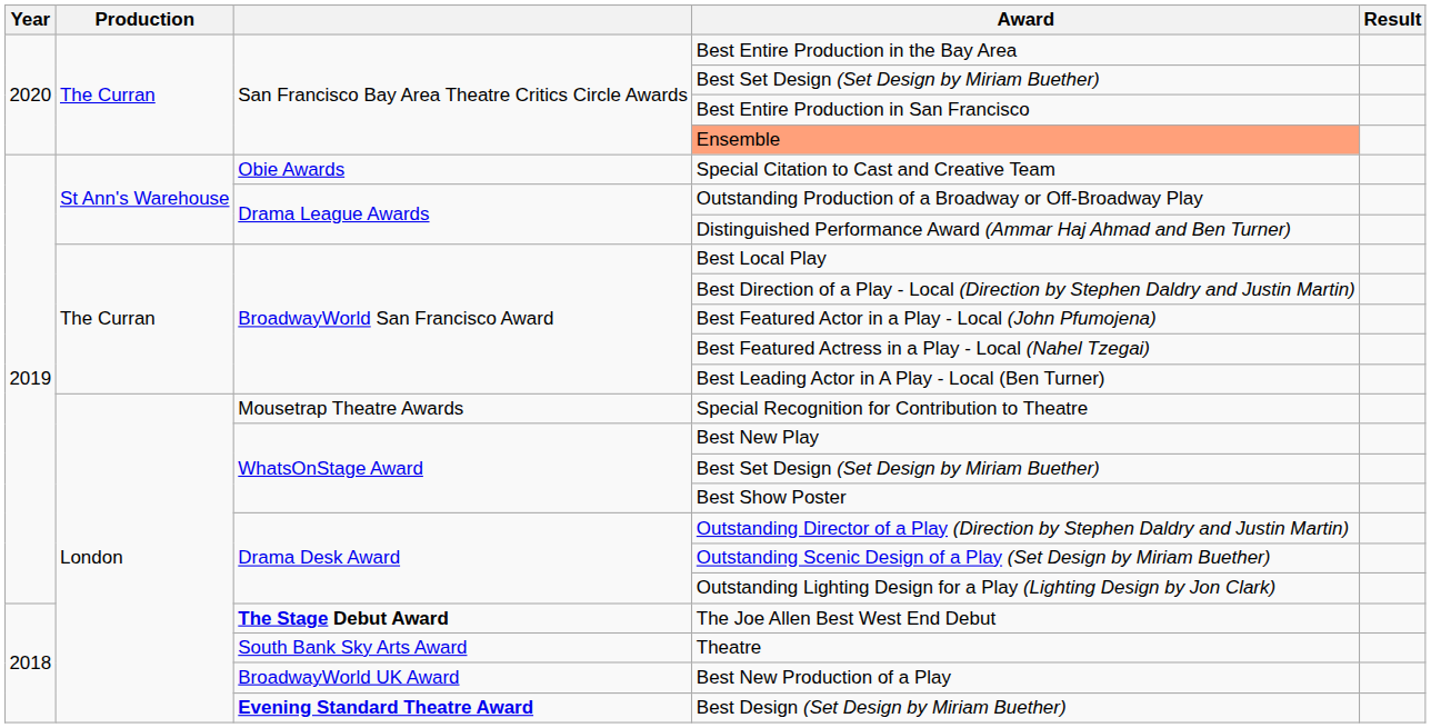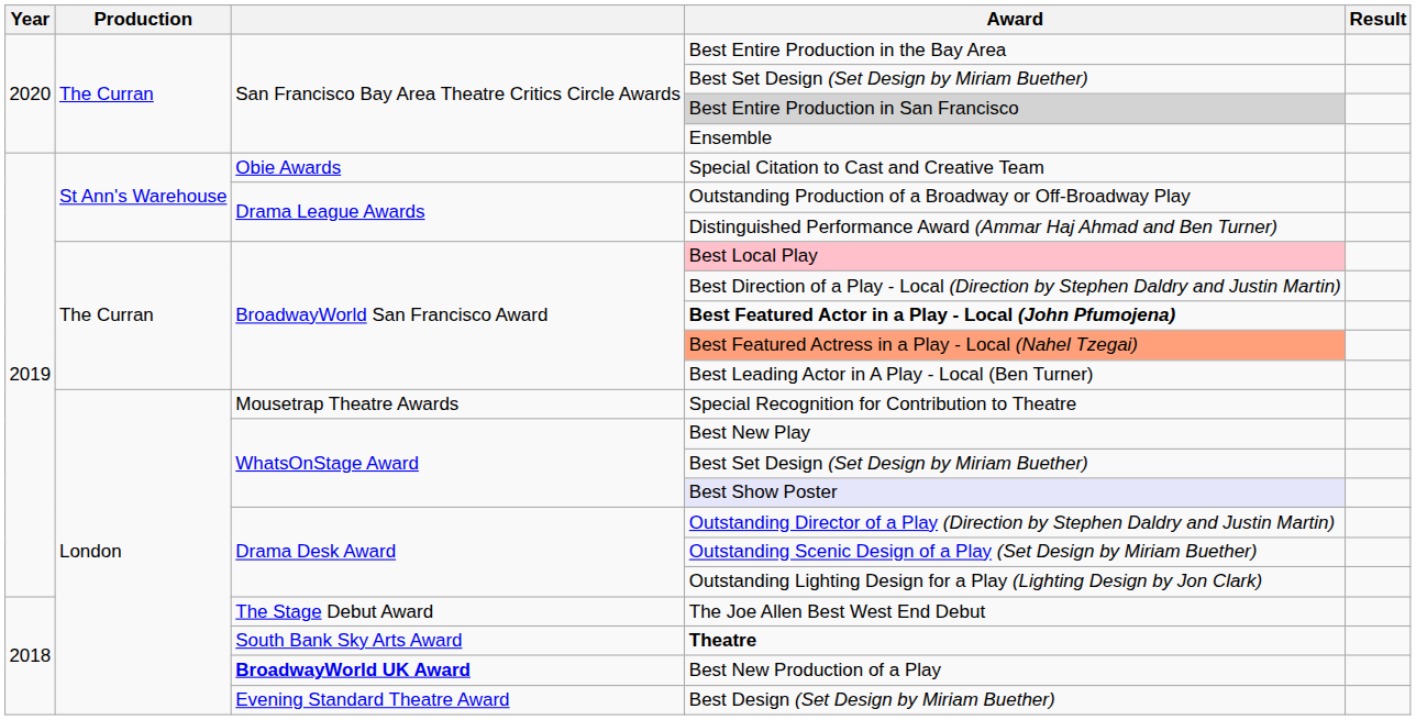 <table class="wikitable">
 <tr>
 <th>Year</th>
 <th>Production</th>
 <th></th>
 <th>Award</th>
 <th>Result</th>
 </tr>
 <tr>
 <td rowspan="4">2020</td>
 <td rowspan="4"><a href='#'>The Curran</a></td>
 <td rowspan="4">San Francisco Bay Area Theatre Critics Circle Awards </td>
 <td>Best Entire Production in the Bay Area</td>
 <td></td>
 </tr>
 <tr>
 <td>Best Set Design <em>(Set Design by Miriam Buether)</em></td>
 <td></td>
 </tr>
 <tr>
-<td>Best Entire Production in San Francisco</td>
+<td style="background: lightgrey;">Best Entire Production in San Francisco</td>
 <td></td>
 </tr>
 <tr>
-<td style="background: lightsalmon;">Ensemble</td>
+<td>Ensemble</td>
 <td></td>
 </tr>
 <tr>
 <td rowspan="15">2019</td>
 <td rowspan="3"><a href='#'>St Ann's Warehouse</a></td>
 <td><a href='#'>Obie Awards</a></td>
 <td>Special Citation to Cast and Creative Team</td>
 <td></td>
 </tr>
 <tr>
 <td rowspan="2"><a href='#'>Drama League Awards</a></td>
 <td>Outstanding Production of a Broadway or Off-Broadway Play</td>
 <td></td>
 </tr>
 <tr>
 <td>Distinguished Performance Award <em>(Ammar Haj Ahmad and Ben Turner)</em></td>
 <td></td>
 </tr>
 <tr>
 <td rowspan="5">The Curran</td>
 <td rowspan="5"><a href='#'>BroadwayWorld</a> San Francisco Award</td>
-<td>Best Local Play</td>
+<td style="background: pink;">Best Local Play</td>
 <td></td>
 </tr>
 <tr>
 <td>Best Direction of a Play - Local <em>(Direction by Stephen Daldry and Justin Martin)</em></td>
 <td></td>
 </tr>
 <tr>
-<td>Best Featured Actor in a Play - Local <em>(John Pfumojena)</em></td>
+<td><strong>Best Featured Actor in a Play - Local <em>(John Pfumojena)</em></strong></td>
 <td></td>
 </tr>
 <tr>
-<td>Best Featured Actress in a Play - Local <em>(Nahel Tzegai)</em></td>
+<td style="background: lightsalmon;">Best Featured Actress in a Play - Local <em>(Nahel Tzegai)</em></td>
 <td></td>
 </tr>
 <tr>
 <td>Best Leading Actor in A Play - Local (Ben Turner)</td>
 <td></td>
 </tr>
 <tr>
 <td rowspan="11">London</td>
 <td>Mousetrap Theatre Awards </td>
 <td>Special Recognition for Contribution to Theatre</td>
 <td></td>
 </tr>
 <tr>
 <td rowspan="3"><a href='#'>WhatsOnStage Award</a></td>
 <td>Best New Play</td>
 <td></td>
 </tr>
 <tr>
 <td>Best Set Design <em>(Set Design by Miriam Buether)</em></td>
 <td></td>
 </tr>
 <tr>
-<td>Best Show Poster</td>
+<td style="background: lavender;">Best Show Poster</td>
 <td></td>
 </tr>
 <tr>
 <td rowspan="3"><a href='#'>Drama Desk Award</a></td>
 <td><a href='#'>Outstanding Director of a Play</a> <em>(Direction by Stephen Daldry and Justin Martin)</em></td>
 <td></td>
 </tr>
 <tr>
 <td><a href='#'>Outstanding Scenic Design of a Play</a> <em>(Set Design by Miriam Buether)</em></td>
 <td></td>
 </tr>
 <tr>
 <td>Outstanding Lighting Design for a Play <em>(Lighting Design by Jon Clark)</em></td>
 <td></td>
 </tr>
 <tr>
 <td rowspan="4">2018</td>
-<td><strong><a href='#'>The Stage</a> Debut Award</strong></td>
+<td><a href='#'>The Stage</a> Debut Award</td>
 <td>The Joe Allen Best West End Debut</td>
 <td></td>
 </tr>
 <tr>
 <td><a href='#'>South Bank Sky Arts Award</a></td>
-<td>Theatre</td>
+<td><strong>Theatre</strong></td>
 <td></td>
 </tr>
 <tr>
-<td><a href='#'>BroadwayWorld UK Award</a></td>
+<td><strong><a href='#'>BroadwayWorld UK Award</a></strong></td>
 <td>Best New Production of a Play</td>
 <td></td>
 </tr>
 <tr>
-<td><strong><a href='#'>Evening Standard Theatre Award</a></strong></td>
+<td><a href='#'>Evening Standard Theatre Award</a></td>
 <td>Best Design <em>(Set Design by Miriam Buether)</em></td>
 <td></td>
 </tr>
 </table>
